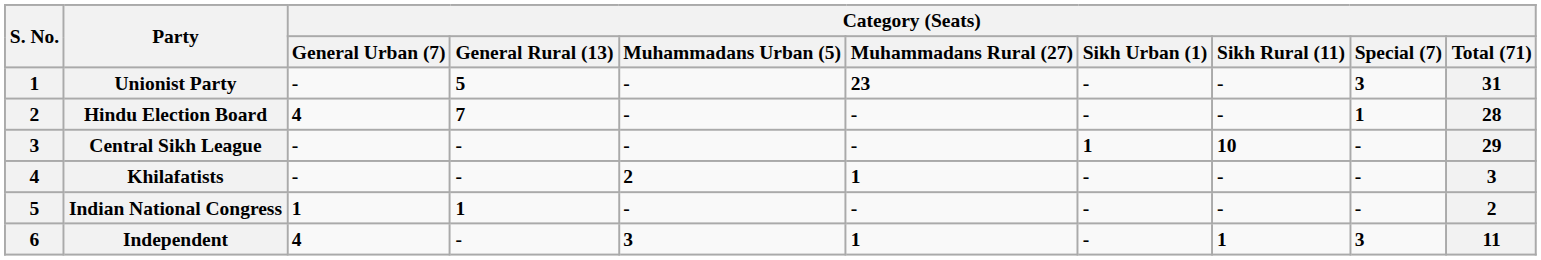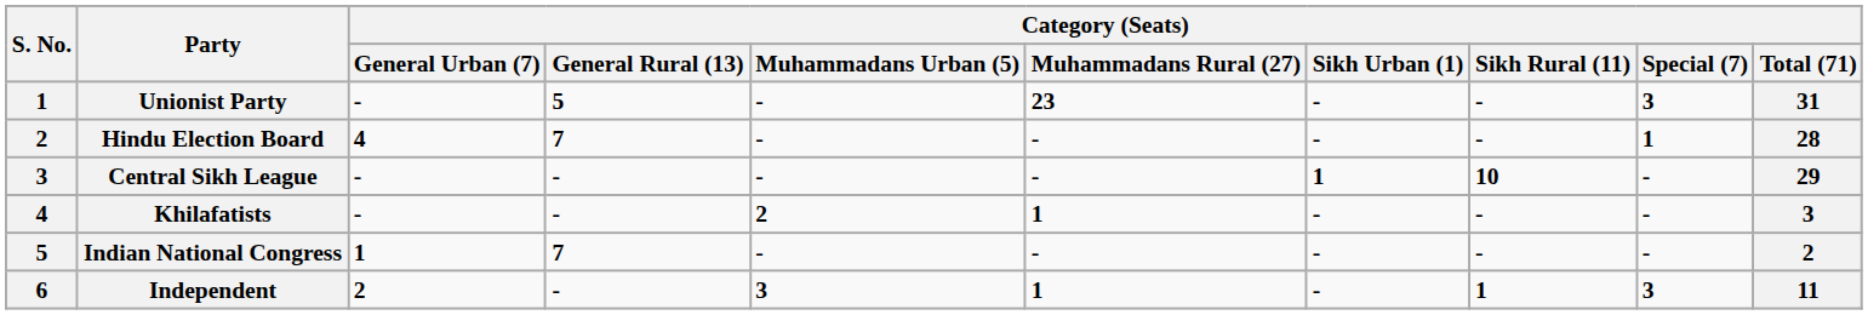 <table class="wikitable" style="font-weight: bold; font-size: x-small; font-family: verdana">
 <tr>
 <th rowspan=2>S. No.</th>
 <th rowspan=2>Party</th>
 <th colspan=8>Category (Seats)</th>
 </tr>
 <tr>
 <th>General Urban (7)</th>
 <th>General Rural (13)</th>
 <th>Muhammadans Urban (5)</th>
 <th>Muhammadans Rural (27)</th>
 <th>Sikh Urban (1)</th>
 <th>Sikh Rural (11)</th>
 <th>Special (7)</th>
 <th>Total (71)</th>
 </tr>
 <tr>
 <th>1</th>
 <th>Unionist Party</th>
 <td>-</td>
 <td>5</td>
 <td>-</td>
 <td>23</td>
 <td>-</td>
 <td>-</td>
 <td>3</td>
 <th>31</th>
 </tr>
 <tr>
 <th>2</th>
 <th>Hindu Election Board</th>
 <td>4</td>
 <td>7</td>
 <td>-</td>
 <td>-</td>
 <td>-</td>
 <td>-</td>
 <td>1</td>
 <th>28</th>
 </tr>
 <tr>
 <th>3</th>
 <th>Central Sikh League</th>
 <td>-</td>
 <td>-</td>
 <td>-</td>
 <td>-</td>
 <td>1</td>
 <td>10</td>
 <td>-</td>
 <th>29</th>
 </tr>
 <tr>
 <th>4</th>
 <th>Khilafatists</th>
 <td>-</td>
 <td>-</td>
 <td>2</td>
 <td>1</td>
 <td>-</td>
 <td>-</td>
 <td>-</td>
 <th>3</th>
 </tr>
 <tr>
 <th>5</th>
 <th>Indian National Congress</th>
 <td>1</td>
-<td>1</td>
+<td>7</td>
 <td>-</td>
 <td>-</td>
 <td>-</td>
 <td>-</td>
 <td>-</td>
 <th>2</th>
 </tr>
 <tr>
 <th>6</th>
 <th>Independent</th>
-<td>4</td>
+<td>2</td>
 <td>-</td>
 <td>3</td>
 <td>1</td>
 <td>-</td>
 <td>1</td>
 <td>3</td>
 <th>11</th>
 </tr>
 </table>
